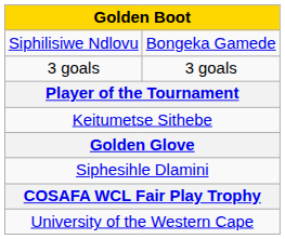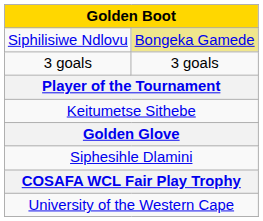 <table class="wikitable" style="text-align:center">
 <tr>
 <th colspan="2" scope="col" style="background-color: gold">Golden Boot</th>
 </tr>
 <tr>
 <td> <a href='#'>Siphilisiwe Ndlovu</a></td>
-<td> <a href='#'>Bongeka Gamede</a></td>
+<td style="background: khaki;"> <a href='#'>Bongeka Gamede</a></td>
 </tr>
 <tr>
 <td>3 goals</td>
 <td>3 goals</td>
 </tr>
 <tr>
 <th colspan="3"><a href='#'>Player of the Tournament</a></th>
 </tr>
 <tr>
 <td colspan="3"> <a href='#'>Keitumetse Sithebe</a></td>
 </tr>
 <tr>
 <th colspan="3"><a href='#'>Golden Glove</a></th>
 </tr>
 <tr>
 <td colspan="3"> <a href='#'>Siphesihle Dlamini</a></td>
 </tr>
 <tr>
 <th colspan="3"><a href='#'>COSAFA WCL Fair Play Trophy</a></th>
 </tr>
 <tr>
 <td colspan="3"><a href='#'>University of the Western Cape</a></td>
 </tr>
 </table>
